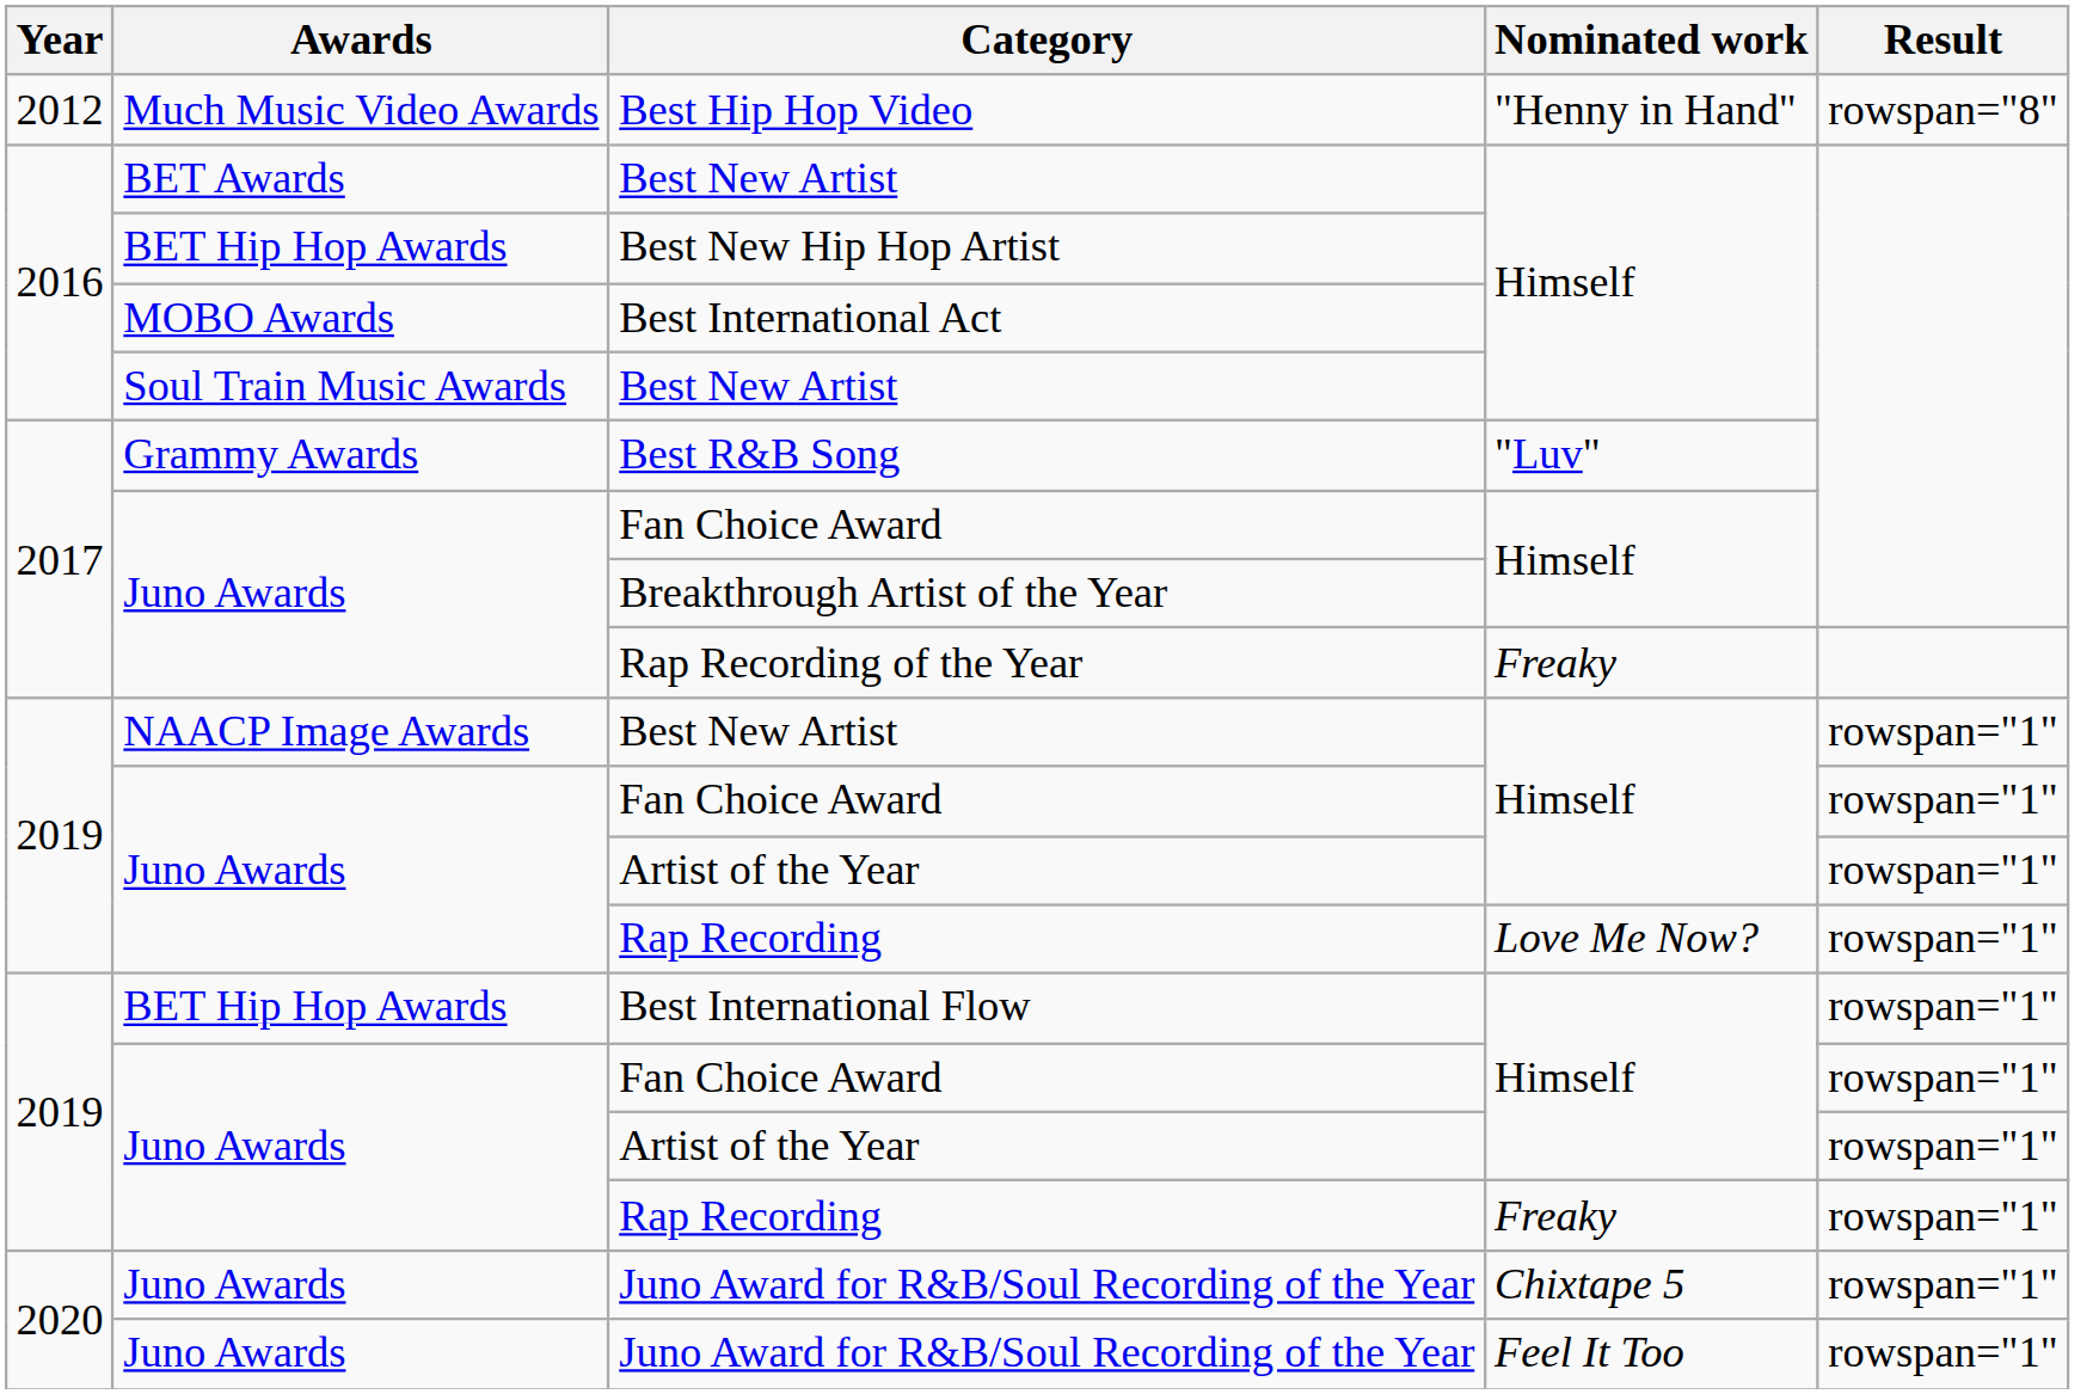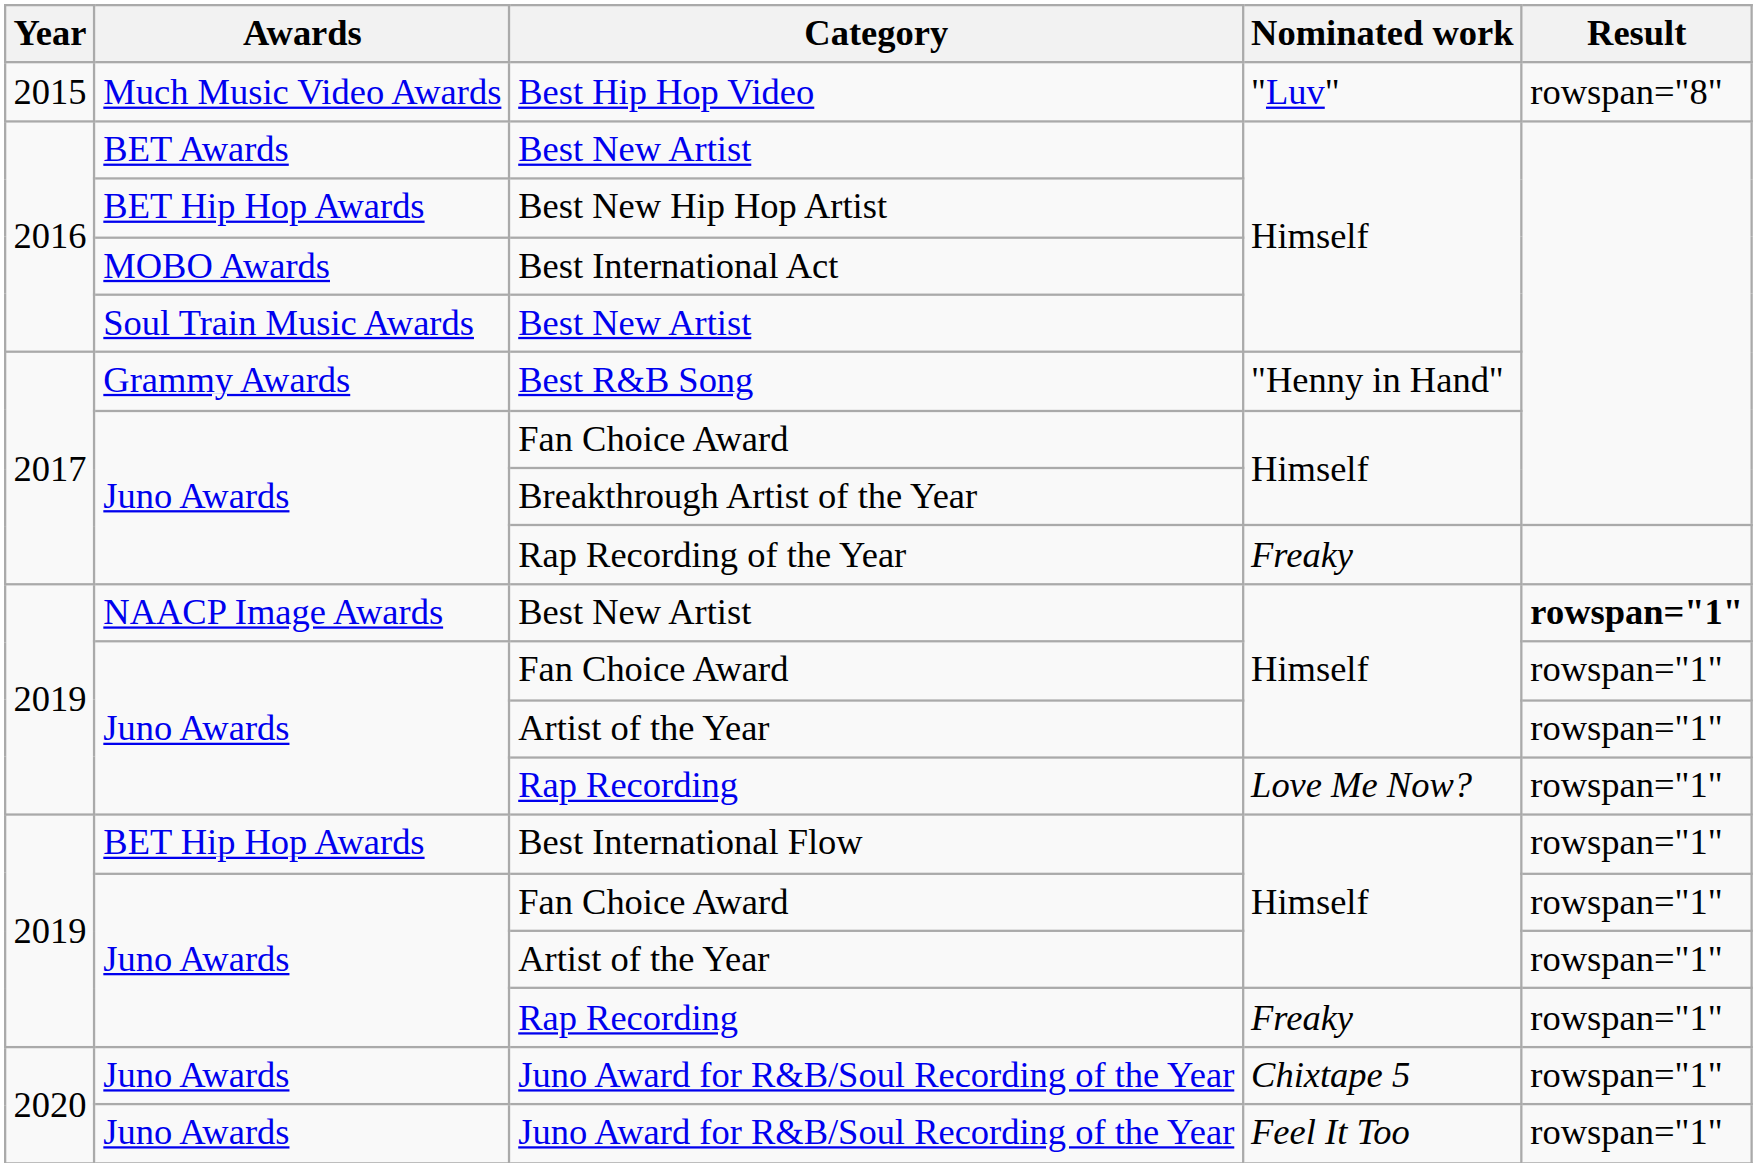 <table class="wikitable">
 <tr>
 <th>Year</th>
 <th>Awards</th>
 <th>Category</th>
 <th>Nominated work</th>
 <th>Result</th>
 </tr>
 <tr>
-<td>2012</td>
+<td>2015</td>
 <td><a href='#'>Much Music Video Awards</a></td>
 <td><a href='#'>Best Hip Hop Video</a></td>
-<td>"Henny in Hand"</td>
+<td>"<a href='#'>Luv</a>"</td>
 <td>rowspan="8" </td>
 </tr>
 <tr>
 <td rowspan="4">2016</td>
 <td><a href='#'>BET Awards</a></td>
 <td><a href='#'>Best New Artist</a></td>
 <td rowspan="4">Himself</td>
 </tr>
 <tr>
 <td><a href='#'>BET Hip Hop Awards</a></td>
 <td>Best New Hip Hop Artist</td>
 </tr>
 <tr>
 <td><a href='#'>MOBO Awards</a></td>
 <td>Best International Act</td>
 </tr>
 <tr>
 <td><a href='#'>Soul Train Music Awards</a></td>
 <td><a href='#'>Best New Artist</a></td>
 </tr>
 <tr>
 <td rowspan=4>2017</td>
 <td><a href='#'>Grammy Awards</a></td>
 <td><a href='#'>Best R&B Song</a></td>
-<td>"<a href='#'>Luv</a>"</td>
+<td>"Henny in Hand"</td>
 </tr>
 <tr>
 <td rowspan=3><a href='#'>Juno Awards</a></td>
 <td>Fan Choice Award</td>
 <td rowspan=2>Himself</td>
 </tr>
 <tr>
 <td>Breakthrough Artist of the Year</td>
 </tr>
 <tr>
 <td>Rap Recording of the Year</td>
 <td><em>Freaky</em></td>
 <td></td>
 </tr>
 <tr>
 <td rowspan="4">2019</td>
 <td><a href='#'>NAACP Image Awards</a></td>
 <td>Best New Artist</td>
 <td rowspan="3">Himself</td>
-<td>rowspan="1" </td>
+<td><strong>rowspan="1" </strong></td>
 </tr>
 <tr>
 <td rowspan=3><a href='#'>Juno Awards</a></td>
 <td>Fan Choice Award</td>
 <td>rowspan="1" </td>
 </tr>
 <tr>
 <td>Artist of the Year</td>
 <td>rowspan="1" </td>
 </tr>
 <tr>
 <td><a href='#'>Rap Recording</a></td>
 <td><em>Love Me Now?</em></td>
 <td>rowspan="1" </td>
 </tr>
 <tr>
 <td rowspan="4">2019</td>
 <td><a href='#'>BET Hip Hop Awards</a></td>
 <td>Best International Flow</td>
 <td rowspan="3">Himself</td>
 <td>rowspan="1" </td>
 </tr>
 <tr>
 <td rowspan=3><a href='#'>Juno Awards</a></td>
 <td>Fan Choice Award</td>
 <td>rowspan="1" </td>
 </tr>
 <tr>
 <td>Artist of the Year</td>
 <td>rowspan="1" </td>
 </tr>
 <tr>
 <td><a href='#'>Rap Recording</a></td>
 <td><em>Freaky</em></td>
 <td>rowspan="1" </td>
 </tr>
 <tr>
 <td rowspan="4">2020</td>
 <td><a href='#'>Juno Awards</a></td>
 <td><a href='#'>Juno Award for R&B/Soul Recording of the Year</a></td>
 <td><em>Chixtape 5</em></td>
 <td>rowspan="1" </td>
 </tr>
 <tr>
 <td><a href='#'>Juno Awards</a></td>
 <td><a href='#'>Juno Award for R&B/Soul Recording of the Year</a></td>
 <td><em>Feel It Too</em></td>
 <td>rowspan="1" </td>
 </tr>
 </table>
